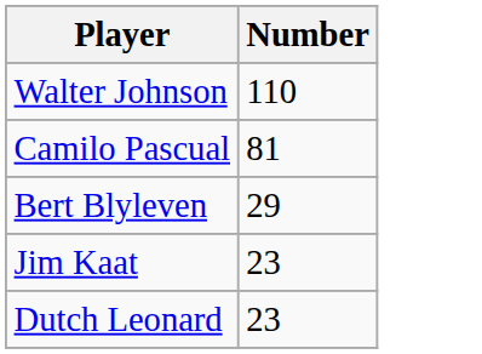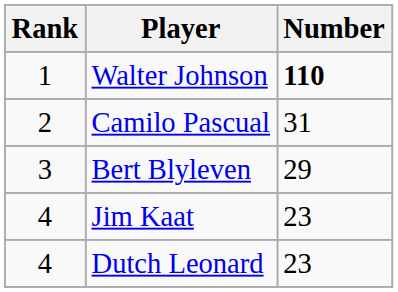 <table class="wikitable" style="font-size: 95%; text-align:left;">
 <tr>
+<th>Rank</th>
 <th>Player</th>
 <th>Number</th>
 </tr>
 <tr>
+<td align="center">1</td>
 <td><a href='#'>Walter Johnson</a></td>
-<td>110</td>
+<td><strong>110</strong></td>
 </tr>
 <tr>
+<td align="center">2</td>
 <td><a href='#'>Camilo Pascual</a></td>
-<td>81</td>
+<td>31</td>
 </tr>
 <tr>
+<td align="center">3</td>
 <td><a href='#'>Bert Blyleven</a></td>
 <td>29</td>
 </tr>
 <tr>
+<td align="center">4</td>
 <td><a href='#'>Jim Kaat</a></td>
 <td>23</td>
 </tr>
 <tr>
+<td align="center">4</td>
 <td><a href='#'>Dutch Leonard</a></td>
 <td>23</td>
 </tr>
 </table>
